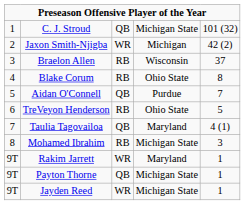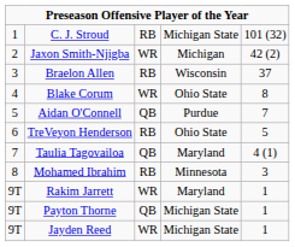 <table class="wikitable" style="display: inline-table;">
 <tr align="center">
 <td align="center" Colspan="5"><strong>Preseason Offensive Player of the Year</strong><br></td>
 </tr>
 <tr align="center">
 <td>1</td>
 <td><a href='#'>C. J. Stroud</a></td>
-<td>QB</td>
+<td>RB</td>
 <td>Michigan State</td>
 <td>101 (32)</td>
 </tr>
 <tr align="center">
 <td>2</td>
 <td><a href='#'>Jaxon Smith-Njigba</a></td>
 <td>WR</td>
 <td>Michigan</td>
 <td>42 (2)</td>
 </tr>
 <tr align="center">
 <td>3</td>
 <td><a href='#'>Braelon Allen</a></td>
 <td>RB</td>
 <td>Wisconsin</td>
 <td>37</td>
 </tr>
 <tr align="center">
 <td>4</td>
 <td><a href='#'>Blake Corum</a></td>
-<td>RB</td>
+<td>WR</td>
 <td>Ohio State</td>
 <td>8</td>
 </tr>
 <tr align="center">
 <td>5</td>
 <td><a href='#'>Aidan O'Connell</a></td>
 <td>QB</td>
 <td>Purdue</td>
 <td>7</td>
 </tr>
 <tr align="center">
 <td>6</td>
 <td><a href='#'>TreVeyon Henderson</a></td>
 <td>RB</td>
 <td>Ohio State</td>
 <td>5</td>
 </tr>
 <tr align="center">
 <td>7</td>
 <td><a href='#'>Taulia Tagovailoa</a></td>
 <td>QB</td>
 <td>Maryland</td>
 <td>4 (1)</td>
 </tr>
 <tr align="center">
 <td>8</td>
 <td><a href='#'>Mohamed Ibrahim</a></td>
 <td>RB</td>
-<td>Michigan State</td>
+<td>Minnesota</td>
 <td>3</td>
 </tr>
 <tr align="center">
 <td>9T</td>
 <td><a href='#'>Rakim Jarrett</a></td>
 <td>WR</td>
 <td>Maryland</td>
 <td>1</td>
 </tr>
 <tr align="center">
 <td>9T</td>
 <td><a href='#'>Payton Thorne</a></td>
 <td>QB</td>
 <td>Michigan State</td>
 <td>1</td>
 </tr>
 <tr align="center">
 <td>9T</td>
 <td><a href='#'>Jayden Reed</a></td>
 <td>WR</td>
 <td>Michigan State</td>
 <td>1</td>
 </tr>
 </table>
